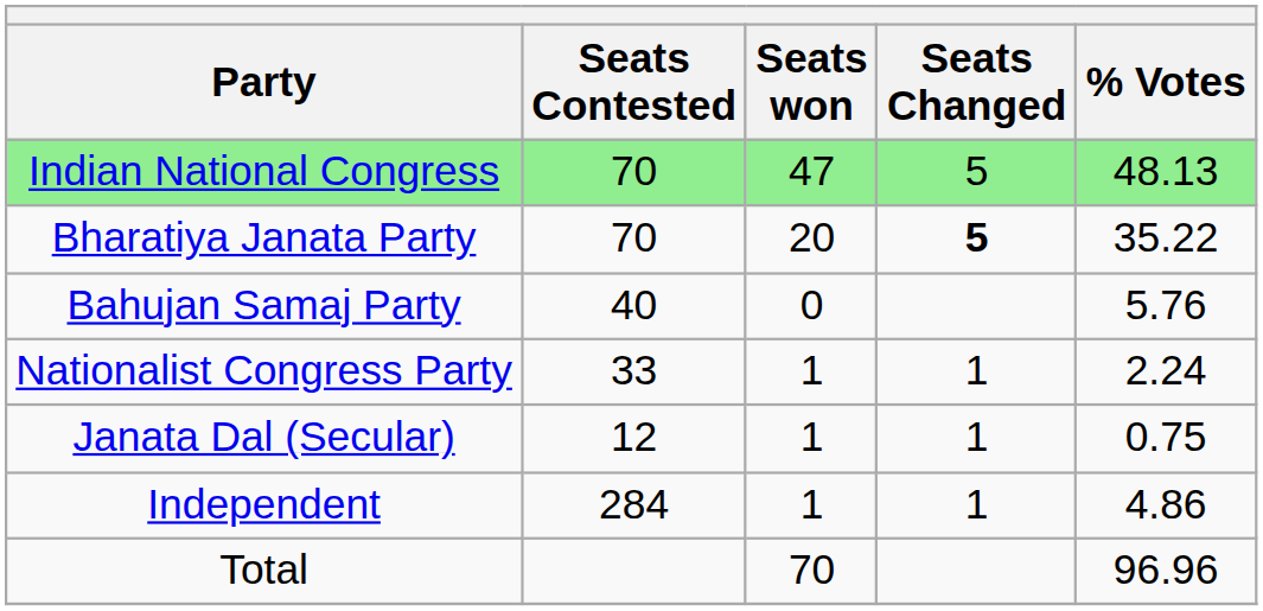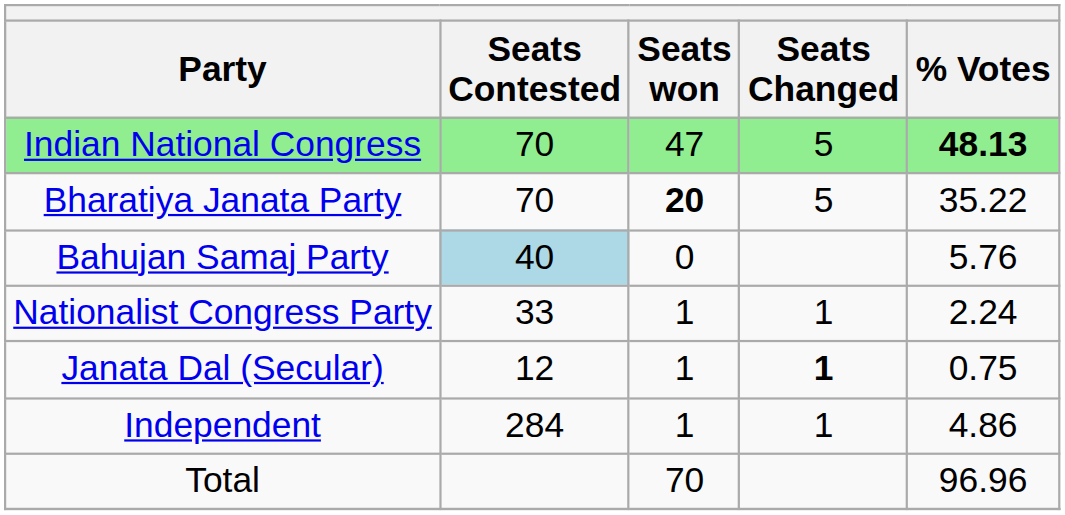 <table class="wikitable sortable" style="text-align:center;">
 <tr>
 <th colspan=10></th>
 </tr>
 <tr bgcolor="#cccccc">
 <th>Party</th>
 <th>Seats<br>Contested</th>
 <th>Seats<br>won</th>
 <th>Seats<br> Changed</th>
 <th>% Votes</th>
 </tr>
 <tr style="background: #90EE90;">
 <td><a href='#'>Indian National Congress</a></td>
 <td>70</td>
 <td>47</td>
 <td> 5</td>
-<td>48.13</td>
+<td><strong>48.13</strong></td>
 </tr>
 <tr>
 <td><a href='#'>Bharatiya Janata Party</a></td>
 <td>70</td>
-<td>20</td>
-<td><strong> 5</strong></td>
+<td><strong>20</strong></td>
+<td> 5</td>
 <td>35.22</td>
 </tr>
 <tr>
 <td><a href='#'>Bahujan Samaj Party</a></td>
-<td>40</td>
+<td style="background: lightblue;">40</td>
 <td>0</td>
 <td></td>
 <td>5.76</td>
 </tr>
 <tr>
 <td><a href='#'>Nationalist Congress Party</a></td>
 <td>33</td>
 <td>1</td>
 <td> 1</td>
 <td>2.24</td>
 </tr>
 <tr>
 <td><a href='#'>Janata Dal (Secular)</a></td>
 <td>12</td>
 <td>1</td>
-<td> 1</td>
+<td><strong> 1</strong></td>
 <td>0.75</td>
 </tr>
 <tr>
 <td><a href='#'>Independent</a></td>
 <td>284</td>
 <td>1</td>
 <td> 1</td>
 <td>4.86</td>
 </tr>
 <tr>
 <td>Total</td>
 <td></td>
 <td>70</td>
 <td></td>
 <td>96.96</td>
 </tr>
 <tr>
 </tr>
 </table>
